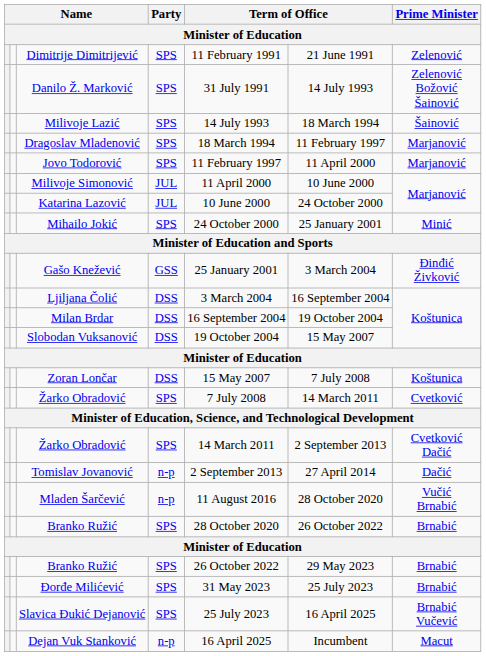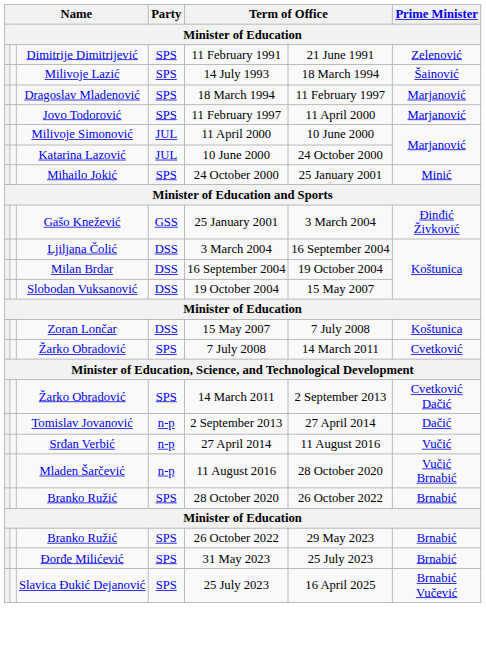 <table class="wikitable" style="text-align:center;">
 <tr>
 <th colspan=3>Name<br></th>
 <th>Party</th>
 <th colspan=2>Term of Office</th>
 <th><a href='#'>Prime Minister</a><br></th>
 </tr>
 <tr>
 <th colspan="7">Minister of Education</th>
 </tr>
 <tr>
 <th style="background:"></th>
 <td></td>
 <td><a href='#'>Dimitrije Dimitrijević</a></td>
 <td><a href='#'>SPS</a></td>
 <td>11 February 1991</td>
 <td>21 June 1991</td>
 <td><a href='#'>Zelenović</a> </td>
-</tr>
-<tr>
-<th style="background:"></th>
-<td></td>
-<td><a href='#'>Danilo Ž. Marković</a><br></td>
-<td><a href='#'>SPS</a></td>
-<td>31 July 1991</td>
-<td>14 July 1993</td>
-<td><a href='#'>Zelenović</a> <br><a href='#'>Božović</a> <br><a href='#'>Šainović</a> </td>
 </tr>
 <tr>
 <th style="background:"></th>
 <td></td>
 <td><a href='#'>Milivoje Lazić</a><br></td>
 <td><a href='#'>SPS</a></td>
 <td>14 July 1993</td>
 <td>18 March 1994</td>
 <td><a href='#'>Šainović</a> </td>
 </tr>
 <tr>
 <th style="background:"></th>
 <td></td>
 <td><a href='#'>Dragoslav Mladenović</a><br></td>
 <td><a href='#'>SPS</a></td>
 <td>18 March 1994</td>
 <td>11 February 1997</td>
 <td><a href='#'>Marjanović</a> </td>
 </tr>
 <tr>
 <th style="background:"></th>
 <td></td>
 <td><a href='#'>Jovo Todorović</a><br></td>
 <td><a href='#'>SPS</a></td>
 <td>11 February 1997</td>
 <td>11 April 2000</td>
 <td><a href='#'>Marjanović</a> </td>
 </tr>
 <tr>
 <th style="background:"></th>
 <td></td>
 <td><a href='#'>Milivoje Simonović</a><br></td>
 <td><a href='#'>JUL</a></td>
 <td>11 April 2000</td>
 <td>10 June 2000<br></td>
 <td rowspan=2><a href='#'>Marjanović</a> </td>
 </tr>
 <tr>
 <th style="background:"></th>
 <td></td>
 <td><a href='#'>Katarina Lazović</a><br></td>
 <td><a href='#'>JUL</a></td>
 <td>10 June 2000</td>
 <td>24 October 2000</td>
 </tr>
 <tr>
 <th style="background:"></th>
 <td></td>
 <td><a href='#'>Mihailo Jokić</a><br></td>
 <td><a href='#'>SPS</a></td>
 <td>24 October 2000</td>
 <td>25 January 2001</td>
 <td><a href='#'>Minić</a> </td>
 </tr>
 <tr>
 <th colspan="7">Minister of Education and Sports</th>
 </tr>
 <tr>
 <th style="background:"></th>
 <td></td>
 <td><a href='#'>Gašo Knežević</a><br></td>
 <td><a href='#'>GSS</a></td>
 <td>25 January 2001</td>
 <td>3 March 2004</td>
 <td><a href='#'>Đinđić</a> <br><a href='#'>Živković</a> </td>
 </tr>
 <tr>
 <th style="background:"></th>
 <td></td>
 <td><a href='#'>Ljiljana Čolić</a><br></td>
 <td><a href='#'>DSS</a></td>
 <td>3 March 2004</td>
 <td>16 September 2004</td>
 <td rowspan=3><a href='#'>Koštunica</a> </td>
 </tr>
 <tr>
 <th style="background:"></th>
 <td></td>
 <td><a href='#'>Milan Brdar</a><br></td>
 <td><a href='#'>DSS</a></td>
 <td>16 September 2004</td>
 <td>19 October 2004</td>
 </tr>
 <tr>
 <th style="background:"></th>
 <td></td>
 <td><a href='#'>Slobodan Vuksanović</a><br></td>
 <td><a href='#'>DSS</a></td>
 <td>19 October 2004</td>
 <td>15 May 2007</td>
 </tr>
 <tr>
 <th colspan="7">Minister of Education</th>
 </tr>
 <tr>
 <th style="background:"></th>
 <td></td>
 <td><a href='#'>Zoran Lončar</a><br></td>
 <td><a href='#'>DSS</a></td>
 <td>15 May 2007</td>
 <td>7 July 2008</td>
 <td><a href='#'>Koštunica</a> </td>
 </tr>
 <tr>
 <th style="background:"></th>
 <td></td>
 <td><a href='#'>Žarko Obradović</a><br></td>
 <td><a href='#'>SPS</a></td>
 <td>7 July 2008</td>
 <td>14 March 2011</td>
 <td><a href='#'>Cvetković</a> </td>
 </tr>
 <tr>
 <th colspan="7">Minister of Education, Science, and Technological Development</th>
 </tr>
 <tr>
 <th style="background:"></th>
 <td></td>
 <td><a href='#'>Žarko Obradović</a><br></td>
 <td><a href='#'>SPS</a></td>
 <td>14 March 2011</td>
 <td>2 September 2013</td>
 <td><a href='#'>Cvetković</a> <br><a href='#'>Dačić</a> </td>
 </tr>
 <tr>
 <th style="background:"></th>
 <td></td>
 <td><a href='#'>Tomislav Jovanović</a><br></td>
 <td><a href='#'>n-p</a></td>
 <td>2 September 2013</td>
 <td>27 April 2014</td>
 <td><a href='#'>Dačić</a> </td>
 </tr>
 <tr>
 <th style="background:"></th>
 <td></td>
+<td><a href='#'>Srđan Verbić</a><br></td>
+<td><a href='#'>n-p</a></td>
+<td>27 April 2014</td>
+<td>11 August 2016</td>
+<td><a href='#'>Vučić</a> </td>
+</tr>
+<tr>
+<th style="background:"></th>
+<td></td>
 <td><a href='#'>Mladen Šarčević</a><br></td>
 <td><a href='#'>n-p</a></td>
 <td>11 August 2016</td>
 <td>28 October 2020</td>
 <td><a href='#'>Vučić</a> <br><a href='#'>Brnabić</a> </td>
 </tr>
 <tr>
 <th style="background:"></th>
 <td></td>
 <td><a href='#'>Branko Ružić</a><br></td>
 <td><a href='#'>SPS</a></td>
 <td>28 October 2020</td>
 <td>26 October 2022</td>
 <td><a href='#'>Brnabić</a> </td>
 </tr>
 <tr>
 <th colspan="7">Minister of Education</th>
 </tr>
 <tr>
 <th style="background:"></th>
 <td></td>
 <td><a href='#'>Branko Ružić</a><br></td>
 <td><a href='#'>SPS</a></td>
 <td>26 October 2022</td>
 <td>29 May 2023</td>
 <td><a href='#'>Brnabić</a> </td>
 </tr>
 <tr>
 <th style="background:"></th>
 <td></td>
 <td><a href='#'>Đorđe Milićević</a><br></td>
 <td><a href='#'>SPS</a></td>
 <td>31 May 2023</td>
 <td>25 July 2023</td>
 <td><a href='#'>Brnabić</a> </td>
 </tr>
 <tr>
 <th style="background:"></th>
 <td></td>
 <td><a href='#'>Slavica Đukić Dejanović</a><br></td>
 <td><a href='#'>SPS</a></td>
 <td>25 July 2023</td>
 <td>16 April 2025</td>
 <td><a href='#'>Brnabić</a> <br><a href='#'>Vučević</a> </td>
 </tr>
-<tr>
-<th style="background:"></th>
-<td></td>
-<td><a href='#'>Dejan Vuk Stanković</a><br></td>
-<td><a href='#'>n-p</a></td>
-<td>16 April 2025</td>
-<td>Incumbent</td>
-<td><a href='#'>Macut</a> </td>
-</tr>
 </table>
